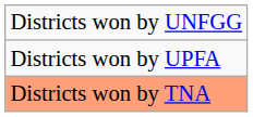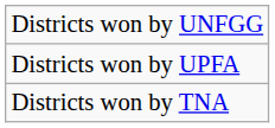 <table class="wikitable">
 <tr>
 <td>Districts won by <a href='#'>UNFGG</a></td>
 </tr>
 <tr>
 <td>Districts won by <a href='#'>UPFA</a></td>
 </tr>
 <tr>
-<td style="background: lightsalmon;">Districts won by <a href='#'>TNA</a></td>
+<td>Districts won by <a href='#'>TNA</a></td>
 </tr>
 </table>
